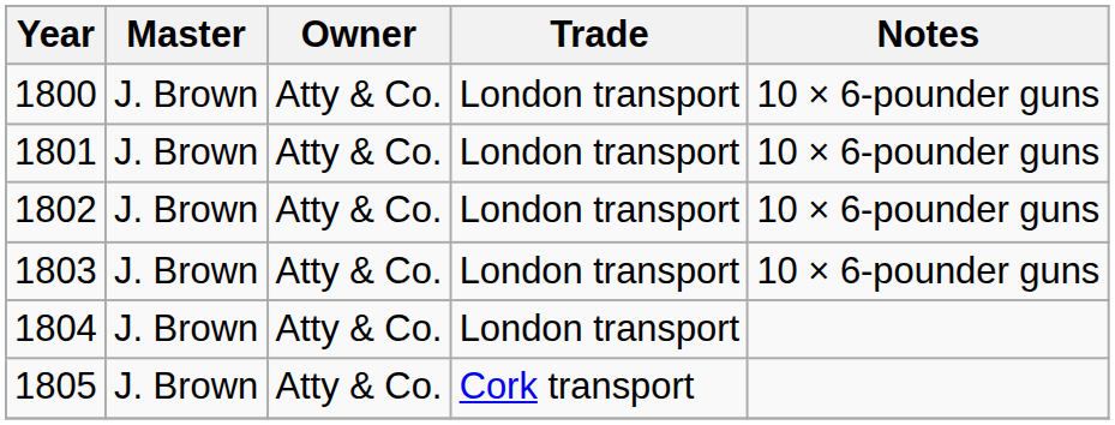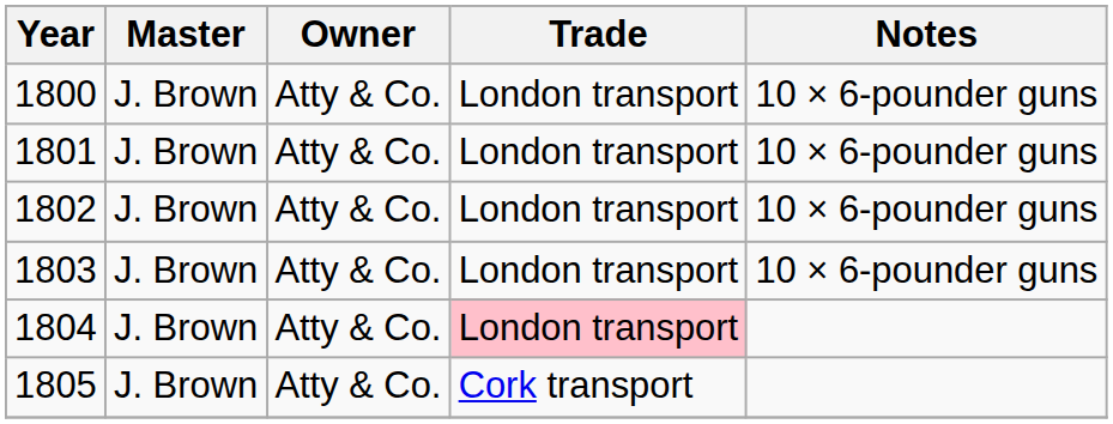 <table class="sortable wikitable">
 <tr>
 <th>Year</th>
 <th>Master</th>
 <th>Owner</th>
 <th>Trade</th>
 <th>Notes</th>
 </tr>
 <tr>
 <td>1800</td>
 <td>J. Brown</td>
 <td>Atty & Co.</td>
 <td>London transport</td>
 <td>10 × 6-pounder guns</td>
 </tr>
 <tr>
 <td>1801</td>
 <td>J. Brown</td>
 <td>Atty & Co.</td>
 <td>London transport</td>
 <td>10 × 6-pounder guns</td>
 </tr>
 <tr>
 <td>1802</td>
 <td>J. Brown</td>
 <td>Atty & Co.</td>
 <td>London transport</td>
 <td>10 × 6-pounder guns</td>
 </tr>
 <tr>
 <td>1803</td>
 <td>J. Brown</td>
 <td>Atty & Co.</td>
 <td>London transport</td>
 <td>10 × 6-pounder guns</td>
 </tr>
 <tr>
 <td>1804</td>
 <td>J. Brown</td>
 <td>Atty & Co.</td>
-<td>London transport</td>
+<td style="background: pink;">London transport</td>
 <td></td>
 </tr>
 <tr>
 <td>1805</td>
 <td>J. Brown</td>
 <td>Atty & Co.</td>
 <td><a href='#'>Cork</a> transport</td>
 <td></td>
 </tr>
 <tr>
 </tr>
 </table>
